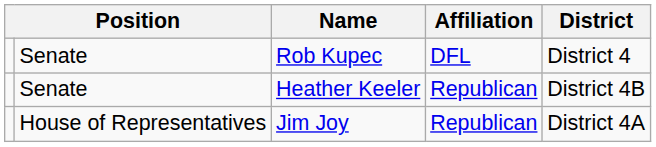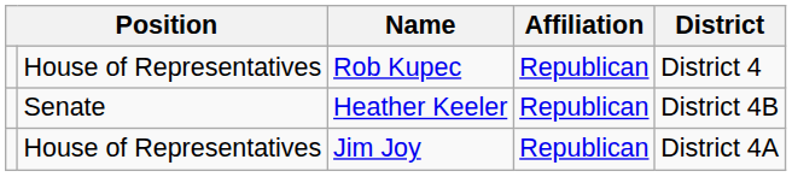 <table class="wikitable">
 <tr>
 <th colspan="2">Position</th>
 <th>Name</th>
 <th>Affiliation</th>
 <th>District</th>
 </tr>
 <tr>
 <td style="background-color:"></td>
-<td>Senate</td>
+<td>House of Representatives</td>
 <td><a href='#'>Rob Kupec</a></td>
-<td><a href='#'>DFL</a></td>
+<td><a href='#'>Republican</a></td>
 <td>District 4</td>
 </tr>
 <tr>
 <td style="background-color:"></td>
 <td>Senate</td>
 <td><a href='#'>Heather Keeler</a></td>
 <td><a href='#'>Republican</a></td>
 <td>District 4B</td>
 </tr>
 <tr>
 <td style="background-color:"></td>
 <td>House of Representatives</td>
 <td><a href='#'>Jim Joy</a></td>
 <td><a href='#'>Republican</a></td>
 <td>District 4A</td>
 </tr>
 </table>
